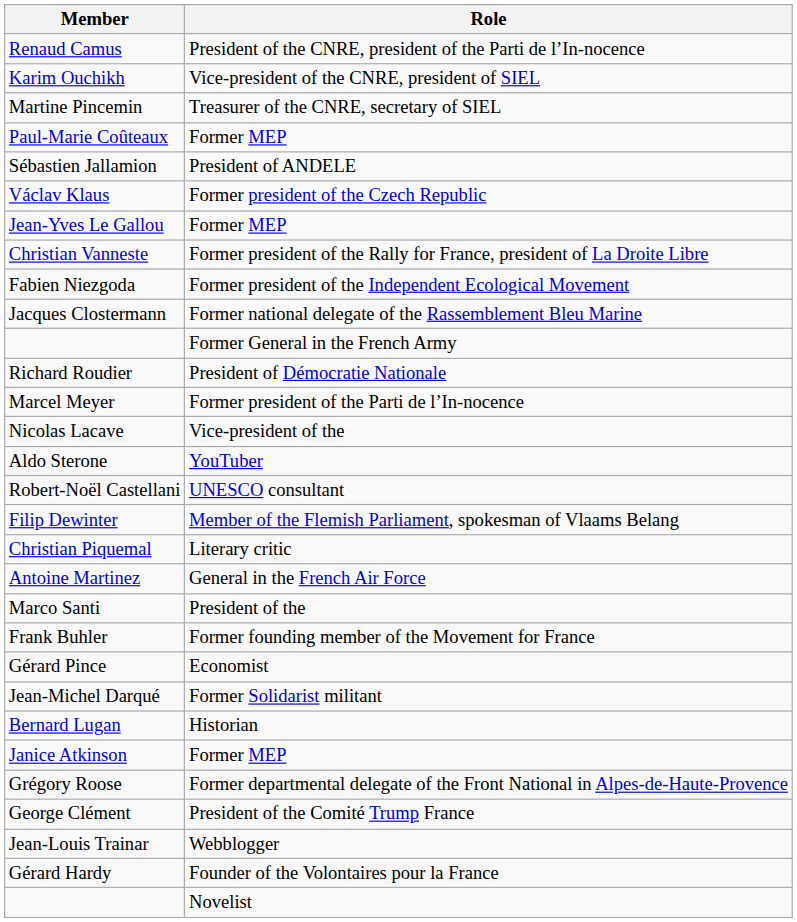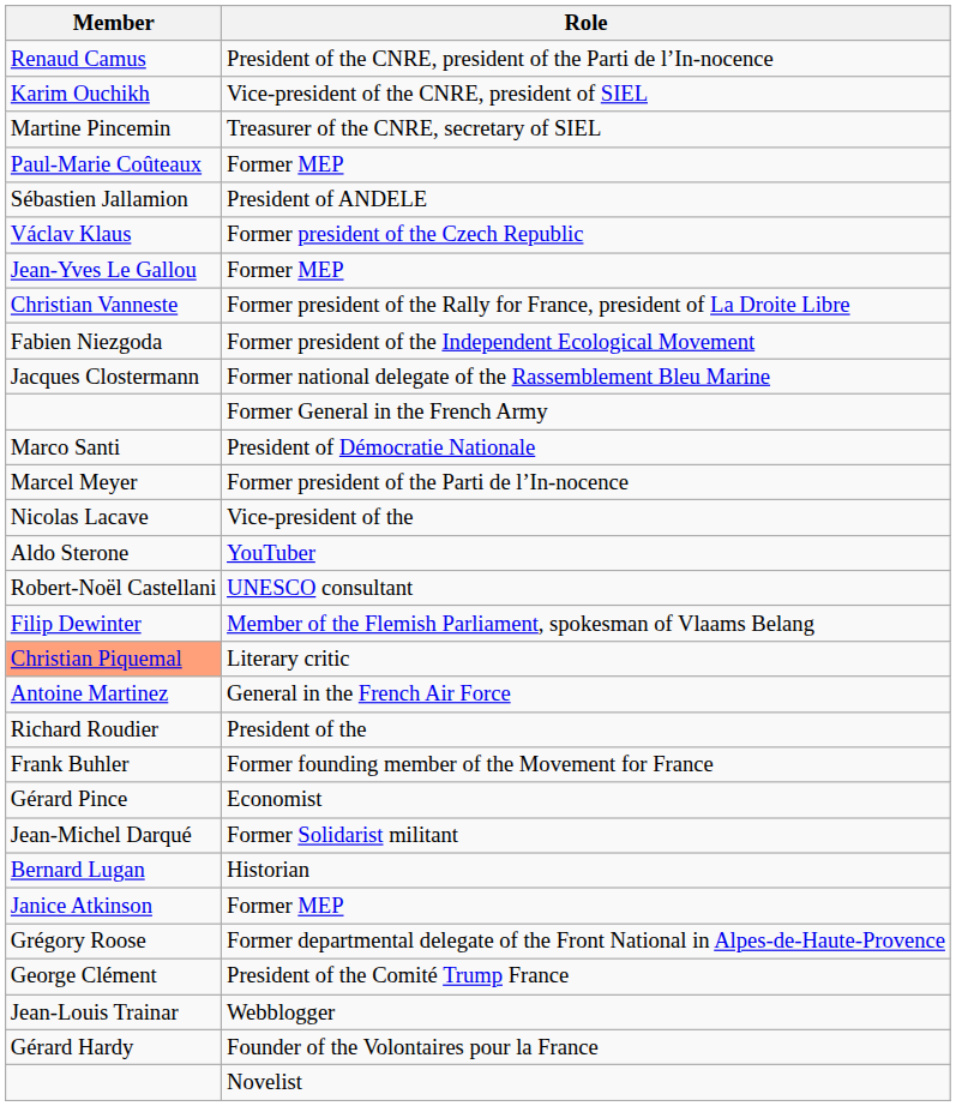 <table class="wikitable">
 <tr>
 <th>Member</th>
 <th>Role</th>
 </tr>
 <tr>
 <td><a href='#'>Renaud Camus</a></td>
 <td>President of the CNRE, president of the Parti de l’In-nocence</td>
 </tr>
 <tr>
 <td><a href='#'>Karim Ouchikh</a></td>
 <td>Vice-president of the CNRE, president of <a href='#'>SIEL</a></td>
 </tr>
 <tr>
 <td>Martine Pincemin</td>
 <td>Treasurer of the CNRE, secretary of SIEL</td>
 </tr>
 <tr>
 <td><a href='#'>Paul-Marie Coûteaux</a></td>
 <td>Former <a href='#'>MEP</a></td>
 </tr>
 <tr>
 <td>Sébastien Jallamion</td>
 <td>President of ANDELE</td>
 </tr>
 <tr>
 <td><a href='#'>Václav Klaus</a></td>
 <td>Former <a href='#'>president of the Czech Republic</a></td>
 </tr>
 <tr>
 <td><a href='#'>Jean-Yves Le Gallou</a></td>
 <td>Former <a href='#'>MEP</a></td>
 </tr>
 <tr>
 <td><a href='#'>Christian Vanneste</a></td>
 <td>Former president of the Rally for France, president of <a href='#'>La Droite Libre</a></td>
 </tr>
 <tr>
 <td>Fabien Niezgoda</td>
 <td>Former president of the <a href='#'>Independent Ecological Movement</a></td>
 </tr>
 <tr>
 <td>Jacques Clostermann</td>
 <td>Former national delegate of the <a href='#'>Rassemblement Bleu Marine</a></td>
 </tr>
 <tr>
 <td></td>
 <td>Former General in the French Army</td>
 </tr>
 <tr>
-<td>Richard Roudier</td>
+<td>Marco Santi</td>
 <td>President of <a href='#'>Démocratie Nationale</a></td>
 </tr>
 <tr>
 <td>Marcel Meyer</td>
 <td>Former president of the Parti de l’In-nocence</td>
 </tr>
 <tr>
 <td>Nicolas Lacave</td>
 <td>Vice-president of the </td>
 </tr>
 <tr>
 <td>Aldo Sterone</td>
 <td><a href='#'>YouTuber</a></td>
 </tr>
 <tr>
 <td>Robert-Noël Castellani</td>
 <td><a href='#'>UNESCO</a> consultant</td>
 </tr>
 <tr>
 <td><a href='#'>Filip Dewinter</a></td>
 <td><a href='#'>Member of the Flemish Parliament</a>, spokesman of Vlaams Belang</td>
 </tr>
 <tr>
-<td><a href='#'>Christian Piquemal</a></td>
+<td style="background: lightsalmon;"><a href='#'>Christian Piquemal</a></td>
 <td>Literary critic</td>
 </tr>
 <tr>
 <td><a href='#'>Antoine Martinez</a></td>
 <td>General in the <a href='#'>French Air Force</a></td>
 </tr>
 <tr>
-<td>Marco Santi</td>
+<td>Richard Roudier</td>
 <td>President of the </td>
 </tr>
 <tr>
 <td>Frank Buhler</td>
 <td>Former founding member of the Movement for France</td>
 </tr>
 <tr>
 <td>Gérard Pince</td>
 <td>Economist</td>
 </tr>
 <tr>
 <td>Jean-Michel Darqué</td>
 <td>Former <a href='#'>Solidarist</a> militant</td>
 </tr>
 <tr>
 <td><a href='#'>Bernard Lugan</a></td>
 <td>Historian</td>
 </tr>
 <tr>
 <td><a href='#'>Janice Atkinson</a></td>
 <td>Former <a href='#'>MEP</a></td>
 </tr>
 <tr>
 <td>Grégory Roose</td>
 <td>Former departmental delegate of the Front National in <a href='#'>Alpes-de-Haute-Provence</a></td>
 </tr>
 <tr>
 <td>George Clément</td>
 <td>President of the Comité <a href='#'>Trump</a> France</td>
 </tr>
 <tr>
 <td>Jean-Louis Trainar</td>
 <td>Webblogger</td>
 </tr>
 <tr>
 <td>Gérard Hardy</td>
 <td>Founder of the Volontaires pour la France</td>
 </tr>
 <tr>
 <td></td>
 <td>Novelist</td>
 </tr>
 </table>
